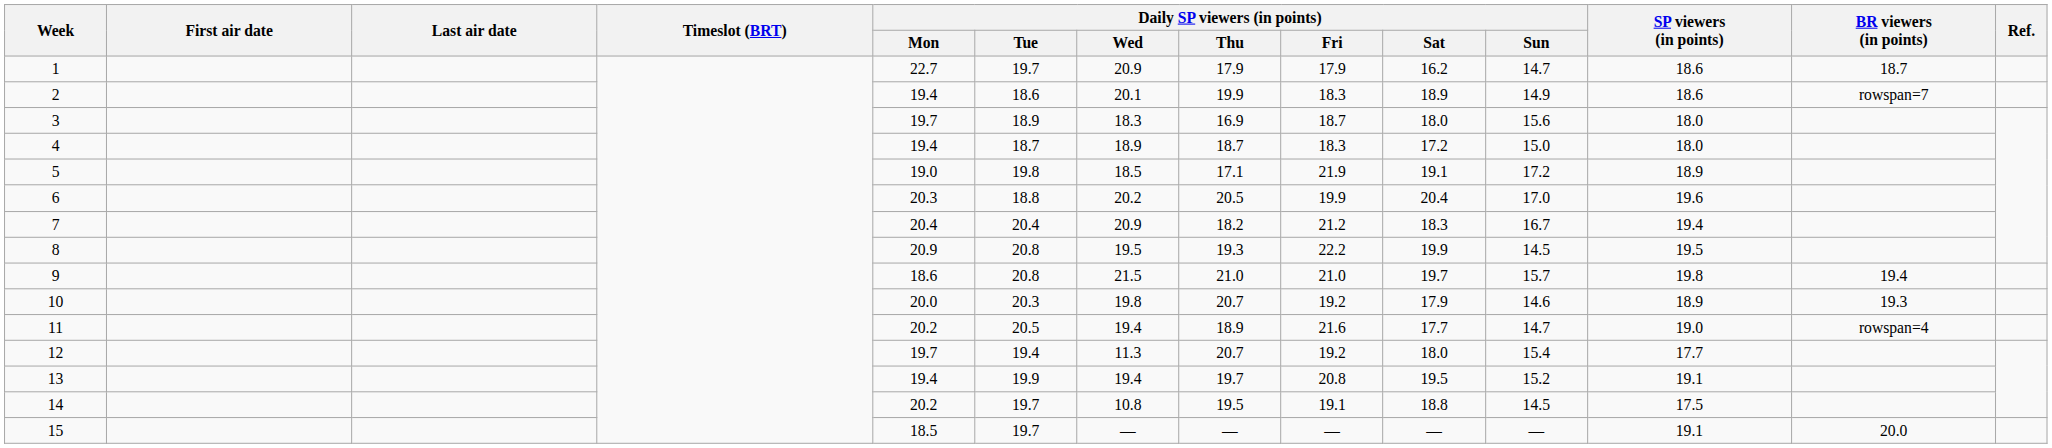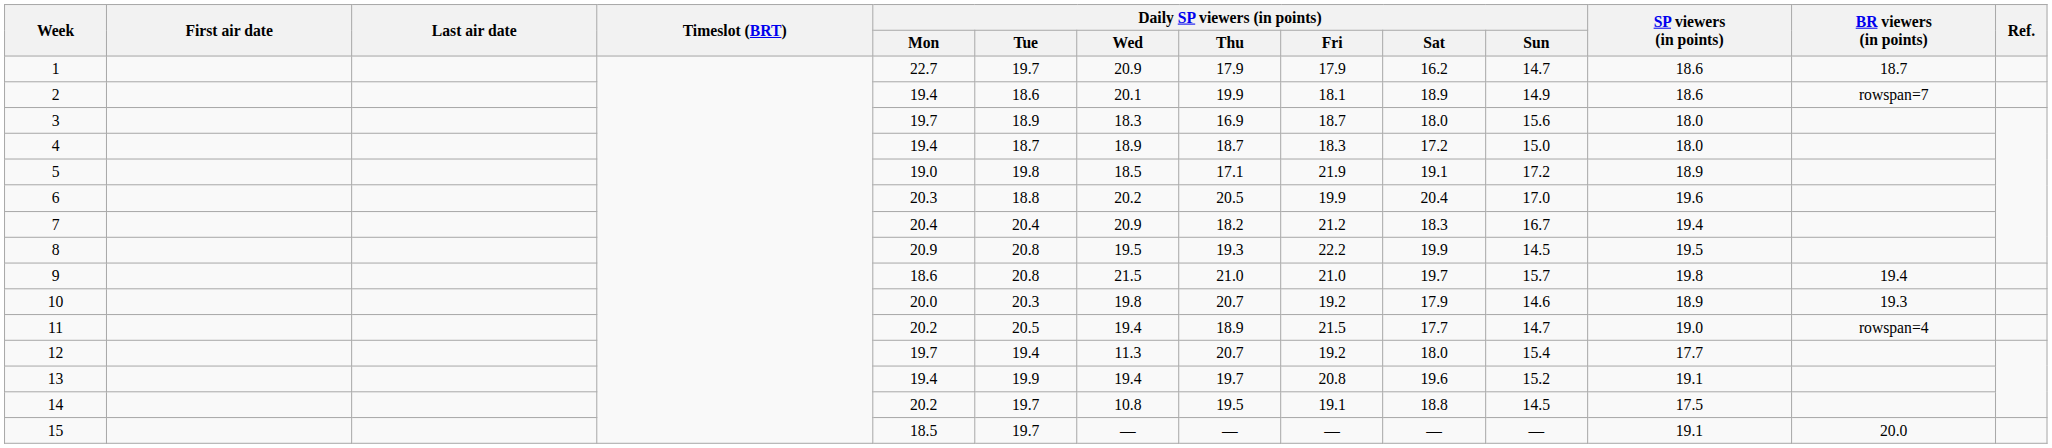 <table class="wikitable sortable" style="text-align:center; font-size:95%; width: 100%">
 <tr>
 <th rowspan=2 width="05.0%">Week</th>
 <th rowspan=2 width="12.0%">First air date</th>
 <th rowspan=2 width="12.0%">Last air date</th>
 <th rowspan=2 width="13.5%">Timeslot (<a href='#'>BRT</a>)</th>
 <th colspan=7 width="35.0%">Daily <a href='#'>SP</a> viewers (in points)</th>
 <th rowspan=2 width="10.0%"><a href='#'>SP</a> viewers<br>(in points)</th>
 <th rowspan=2 width="10.0%"><a href='#'>BR</a> viewers<br>(in points)</th>
 <th rowspan=2 width="05.0%">Ref.</th>
 </tr>
 <tr>
 <th width="05%">Mon</th>
 <th width="05%">Tue</th>
 <th width="05%">Wed</th>
 <th width="05%">Thu</th>
 <th width="05%">Fri</th>
 <th width="05%">Sat</th>
 <th width="05%">Sun</th>
 </tr>
 <tr>
 <td>1</td>
 <td></td>
 <td></td>
 <td rowspan=15></td>
 <td>22.7</td>
 <td>19.7</td>
 <td>20.9</td>
 <td>17.9</td>
 <td>17.9</td>
 <td>16.2</td>
 <td>14.7</td>
 <td>18.6</td>
 <td>18.7</td>
 <td></td>
 </tr>
 <tr>
 <td>2</td>
 <td></td>
 <td></td>
 <td>19.4</td>
 <td>18.6</td>
 <td>20.1</td>
 <td>19.9</td>
-<td>18.3</td>
+<td>18.1</td>
 <td>18.9</td>
 <td>14.9</td>
 <td>18.6</td>
 <td>rowspan=7 </td>
 <td></td>
 </tr>
 <tr>
 <td>3</td>
 <td></td>
 <td></td>
 <td>19.7</td>
 <td>18.9</td>
 <td>18.3</td>
 <td>16.9</td>
 <td>18.7</td>
 <td>18.0</td>
 <td>15.6</td>
 <td>18.0</td>
 <td></td>
 </tr>
 <tr>
 <td>4</td>
 <td></td>
 <td></td>
 <td>19.4</td>
 <td>18.7</td>
 <td>18.9</td>
 <td>18.7</td>
 <td>18.3</td>
 <td>17.2</td>
 <td>15.0</td>
 <td>18.0</td>
 <td></td>
 </tr>
 <tr>
 <td>5</td>
 <td></td>
 <td></td>
 <td>19.0</td>
 <td>19.8</td>
 <td>18.5</td>
 <td>17.1</td>
 <td>21.9</td>
 <td>19.1</td>
 <td>17.2</td>
 <td>18.9</td>
 <td></td>
 </tr>
 <tr>
 <td>6</td>
 <td></td>
 <td></td>
 <td>20.3</td>
 <td>18.8</td>
 <td>20.2</td>
 <td>20.5</td>
 <td>19.9</td>
 <td>20.4</td>
 <td>17.0</td>
 <td>19.6</td>
 <td></td>
 </tr>
 <tr>
 <td>7</td>
 <td></td>
 <td></td>
 <td>20.4</td>
 <td>20.4</td>
 <td>20.9</td>
 <td>18.2</td>
 <td>21.2</td>
 <td>18.3</td>
 <td>16.7</td>
 <td>19.4</td>
 <td></td>
 </tr>
 <tr>
 <td>8</td>
 <td></td>
 <td></td>
 <td>20.9</td>
 <td>20.8</td>
 <td>19.5</td>
 <td>19.3</td>
 <td>22.2</td>
 <td>19.9</td>
 <td>14.5</td>
 <td>19.5</td>
 <td></td>
 </tr>
 <tr>
 <td>9</td>
 <td></td>
 <td></td>
 <td>18.6</td>
 <td>20.8</td>
 <td>21.5</td>
 <td>21.0</td>
 <td>21.0</td>
 <td>19.7</td>
 <td>15.7</td>
 <td>19.8</td>
 <td>19.4</td>
 <td></td>
 </tr>
 <tr>
 <td>10</td>
 <td></td>
 <td></td>
 <td>20.0</td>
 <td>20.3</td>
 <td>19.8</td>
 <td>20.7</td>
 <td>19.2</td>
 <td>17.9</td>
 <td>14.6</td>
 <td>18.9</td>
 <td>19.3</td>
 <td></td>
 </tr>
 <tr>
 <td>11</td>
 <td></td>
 <td></td>
 <td>20.2</td>
 <td>20.5</td>
 <td>19.4</td>
 <td>18.9</td>
-<td>21.6</td>
+<td>21.5</td>
 <td>17.7</td>
 <td>14.7</td>
 <td>19.0</td>
 <td>rowspan=4 </td>
 <td></td>
 </tr>
 <tr>
 <td>12</td>
 <td></td>
 <td></td>
 <td>19.7</td>
 <td>19.4</td>
 <td>11.3</td>
 <td>20.7</td>
 <td>19.2</td>
 <td>18.0</td>
 <td>15.4</td>
 <td>17.7</td>
 <td></td>
 </tr>
 <tr>
 <td>13</td>
 <td></td>
 <td></td>
 <td>19.4</td>
 <td>19.9</td>
 <td>19.4</td>
 <td>19.7</td>
 <td>20.8</td>
-<td>19.5</td>
+<td>19.6</td>
 <td>15.2</td>
 <td>19.1</td>
 <td></td>
 </tr>
 <tr>
 <td>14</td>
 <td></td>
 <td></td>
 <td>20.2</td>
 <td>19.7</td>
 <td>10.8</td>
 <td>19.5</td>
 <td>19.1</td>
 <td>18.8</td>
 <td>14.5</td>
 <td>17.5</td>
 <td></td>
 </tr>
 <tr>
 <td>15</td>
 <td></td>
 <td></td>
 <td>18.5</td>
 <td>19.7</td>
 <td>—</td>
 <td>—</td>
 <td>—</td>
 <td>—</td>
 <td>—</td>
 <td>19.1</td>
 <td>20.0</td>
 <td></td>
 </tr>
 </table>
